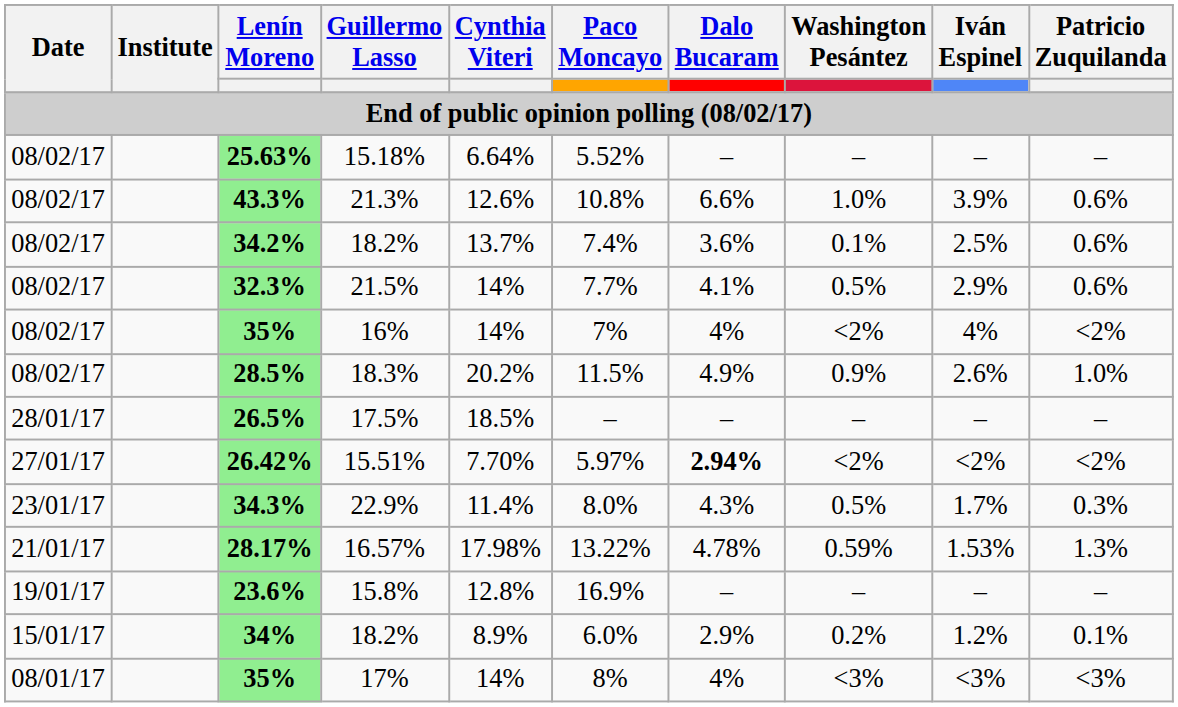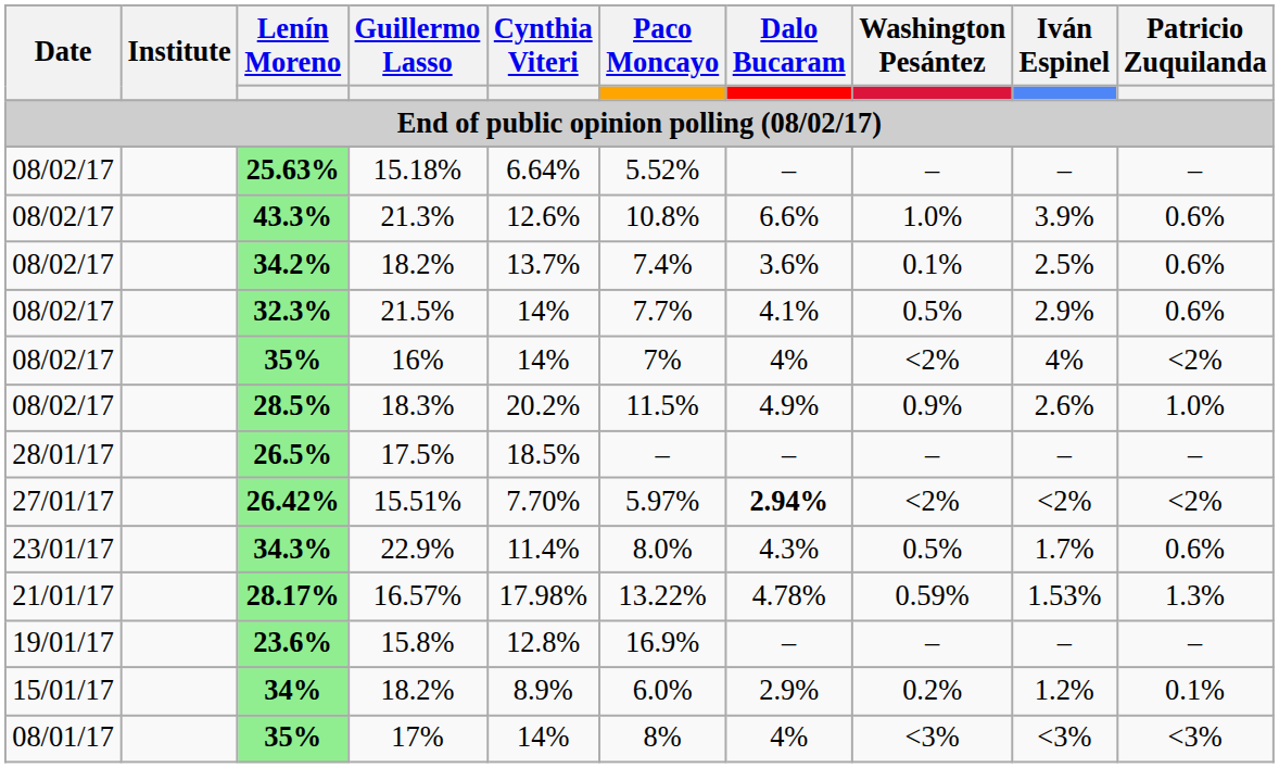 <table class="wikitable" style="font-size:85%;text-align:center;">
 <tr>
 <th rowspan="2">Date</th>
 <th rowspan="2">Institute</th>
 <th><a href='#'>Lenín<br>Moreno</a></th>
 <th><a href='#'>Guillermo<br>Lasso</a></th>
 <th><a href='#'>Cynthia<br>Viteri</a></th>
 <th><a href='#'>Paco<br>Moncayo</a></th>
 <th><a href='#'>Dalo<br>Bucaram</a></th>
 <th>Washington<br>Pesántez</th>
 <th>Iván<br>Espinel</th>
 <th>Patricio<br>Zuquilanda</th>
 </tr>
 <tr>
 <th style="background-color:"></th>
 <th style="background-color:"></th>
 <th style="background-color:"></th>
 <th style="background-color:#FFA500;"></th>
 <th style="background-color:#FF0000;"></th>
 <th style="background-color:#DC143C;"></th>
 <th style="background-color:#4F86F7;"></th>
 <th style="background-color:"></th>
 </tr>
 <tr class="sortbottom">
 <td colspan="10" style="background-color:#CECECE"><strong>End of public opinion polling (08/02/17)</strong></td>
 </tr>
 <tr>
 <td>08/02/17</td>
 <td></td>
 <td style="background:lightgreen"><strong>25.63%</strong></td>
 <td>15.18%</td>
 <td>6.64%</td>
 <td>5.52%</td>
 <td>–</td>
 <td>–</td>
 <td>–</td>
 <td>–</td>
 </tr>
 <tr>
 <td>08/02/17</td>
 <td></td>
 <td style="background:lightgreen"><strong>43.3%</strong></td>
 <td>21.3%</td>
 <td>12.6%</td>
 <td>10.8%</td>
 <td>6.6%</td>
 <td>1.0%</td>
 <td>3.9%</td>
 <td>0.6%</td>
 </tr>
 <tr>
 <td>08/02/17</td>
 <td></td>
 <td style="background:lightgreen"><strong>34.2%</strong></td>
 <td>18.2%</td>
 <td>13.7%</td>
 <td>7.4%</td>
 <td>3.6%</td>
 <td>0.1%</td>
 <td>2.5%</td>
 <td>0.6%</td>
 </tr>
 <tr>
 <td>08/02/17</td>
 <td></td>
 <td style="background:lightgreen"><strong>32.3%</strong></td>
 <td>21.5%</td>
 <td>14%</td>
 <td>7.7%</td>
 <td>4.1%</td>
 <td>0.5%</td>
 <td>2.9%</td>
 <td>0.6%</td>
 </tr>
 <tr>
 <td>08/02/17</td>
 <td></td>
 <td style="background:lightgreen"><strong>35%</strong></td>
 <td>16%</td>
 <td>14%</td>
 <td>7%</td>
 <td>4%</td>
 <td><2%</td>
 <td>4%</td>
 <td><2%</td>
 </tr>
 <tr>
 <td>08/02/17</td>
 <td></td>
 <td style="background:lightgreen"><strong>28.5%</strong></td>
 <td>18.3%</td>
 <td>20.2%</td>
 <td>11.5%</td>
 <td>4.9%</td>
 <td>0.9%</td>
 <td>2.6%</td>
 <td>1.0%</td>
 </tr>
 <tr>
 <td>28/01/17</td>
 <td></td>
 <td style="background:lightgreen"><strong>26.5%</strong></td>
 <td>17.5%</td>
 <td>18.5%</td>
 <td>–</td>
 <td>–</td>
 <td>–</td>
 <td>–</td>
 <td>–</td>
 </tr>
 <tr>
 <td>27/01/17</td>
 <td></td>
 <td style="background:lightgreen"><strong>26.42%</strong></td>
 <td>15.51%</td>
 <td>7.70%</td>
 <td>5.97%</td>
 <td><strong>2.94%</strong></td>
 <td><2%</td>
 <td><2%</td>
 <td><2%</td>
 </tr>
 <tr>
 <td>23/01/17</td>
 <td> </td>
 <td style="background:lightgreen"><strong>34.3%</strong></td>
 <td>22.9%</td>
 <td>11.4%</td>
 <td>8.0%</td>
 <td>4.3%</td>
 <td>0.5%</td>
 <td>1.7%</td>
-<td>0.3%</td>
+<td>0.6%</td>
 </tr>
 <tr>
 <td>21/01/17</td>
 <td></td>
 <td style="background:lightgreen"><strong>28.17%</strong></td>
 <td>16.57%</td>
 <td>17.98%</td>
 <td>13.22%</td>
 <td>4.78%</td>
 <td>0.59%</td>
 <td>1.53%</td>
 <td>1.3%</td>
 </tr>
 <tr>
 <td>19/01/17</td>
 <td></td>
 <td style="background:lightgreen"><strong>23.6%</strong></td>
 <td>15.8%</td>
 <td>12.8%</td>
 <td>16.9%</td>
 <td>–</td>
 <td>–</td>
 <td>–</td>
 <td>–</td>
 </tr>
 <tr>
 <td>15/01/17</td>
 <td></td>
 <td style="background:lightgreen"><strong>34%</strong></td>
 <td>18.2%</td>
 <td>8.9%</td>
 <td>6.0%</td>
 <td>2.9%</td>
 <td>0.2%</td>
 <td>1.2%</td>
 <td>0.1%</td>
 </tr>
 <tr>
 <td>08/01/17</td>
 <td></td>
 <td style="background:lightgreen"><strong>35%</strong></td>
 <td>17%</td>
 <td>14%</td>
 <td>8%</td>
 <td>4%</td>
 <td><3%</td>
 <td><3%</td>
 <td><3%</td>
 </tr>
 </table>
